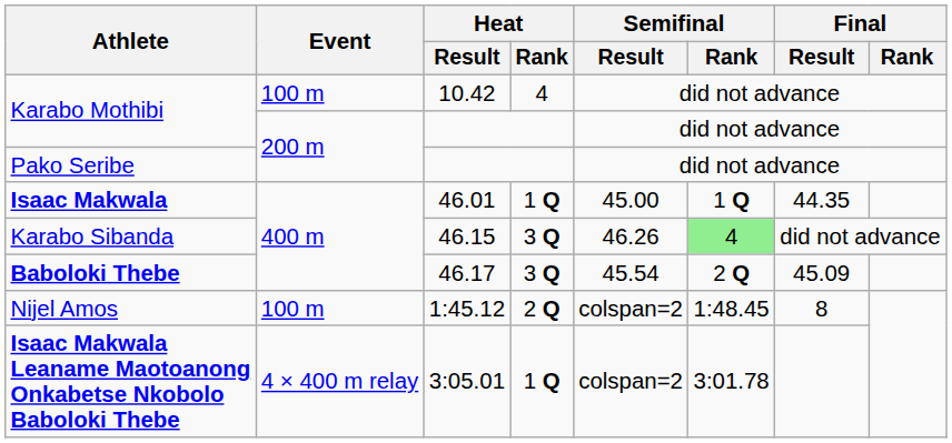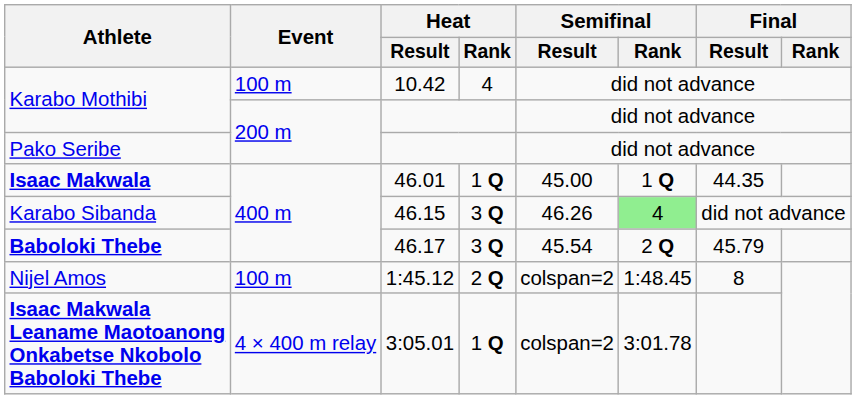 <table class="wikitable" style="font-size:90%">
 <tr>
 <th rowspan=2>Athlete</th>
 <th rowspan=2>Event</th>
 <th colspan=2>Heat</th>
 <th colspan=2>Semifinal</th>
 <th colspan=2>Final</th>
 </tr>
 <tr style="font-size:95%">
 <th>Result</th>
 <th>Rank</th>
 <th>Result</th>
 <th>Rank</th>
 <th>Result</th>
 <th>Rank</th>
 </tr>
 <tr align=center>
 <td align=left rowspan=2><a href='#'>Karabo Mothibi</a></td>
 <td style="text-align:left;"><a href='#'>100 m</a></td>
 <td>10.42</td>
 <td>4</td>
 <td colspan=4>did not advance</td>
 </tr>
 <tr align=center>
 <td style="text-align:left;" rowspan=2><a href='#'>200 m</a></td>
 <td colspan=2></td>
 <td colspan=4>did not advance</td>
 </tr>
 <tr align=center>
 <td align=left><a href='#'>Pako Seribe</a></td>
 <td colspan=2></td>
 <td colspan=4>did not advance</td>
 </tr>
 <tr align=center>
 <td align=left><strong><a href='#'>Isaac Makwala</a></strong></td>
 <td style="text-align:left;" rowspan=3><a href='#'>400 m</a></td>
 <td>46.01</td>
 <td>1 <strong>Q</strong></td>
 <td>45.00</td>
 <td>1 <strong>Q</strong></td>
 <td>44.35</td>
 <td></td>
 </tr>
 <tr align=center>
 <td align=left><a href='#'>Karabo Sibanda</a></td>
 <td>46.15</td>
 <td>3 <strong>Q</strong></td>
 <td>46.26</td>
 <td style="background: lightgreen;">4</td>
 <td colspan=2>did not advance</td>
 </tr>
 <tr align=center>
 <td align=left><strong><a href='#'>Baboloki Thebe</a></strong></td>
 <td>46.17</td>
 <td>3 <strong>Q</strong></td>
 <td>45.54</td>
 <td>2 <strong>Q</strong></td>
-<td>45.09</td>
+<td>45.79</td>
 <td></td>
 </tr>
 <tr align=center>
 <td align=left><a href='#'>Nijel Amos</a></td>
 <td style="text-align:left;"><a href='#'>100 m</a></td>
 <td>1:45.12</td>
 <td>2 <strong>Q</strong></td>
 <td>colspan=2</td>
 <td>1:48.45</td>
 <td>8</td>
 </tr>
 <tr align=center>
 <td align=left><strong><a href='#'>Isaac Makwala</a><br><a href='#'>Leaname Maotoanong</a><br><a href='#'>Onkabetse Nkobolo</a><br><a href='#'>Baboloki Thebe</a></strong></td>
 <td style="text-align:left;"><a href='#'>4 × 400 m relay</a></td>
 <td>3:05.01</td>
 <td>1 <strong>Q</strong></td>
 <td>colspan=2</td>
 <td>3:01.78</td>
 <td></td>
 </tr>
 </table>
